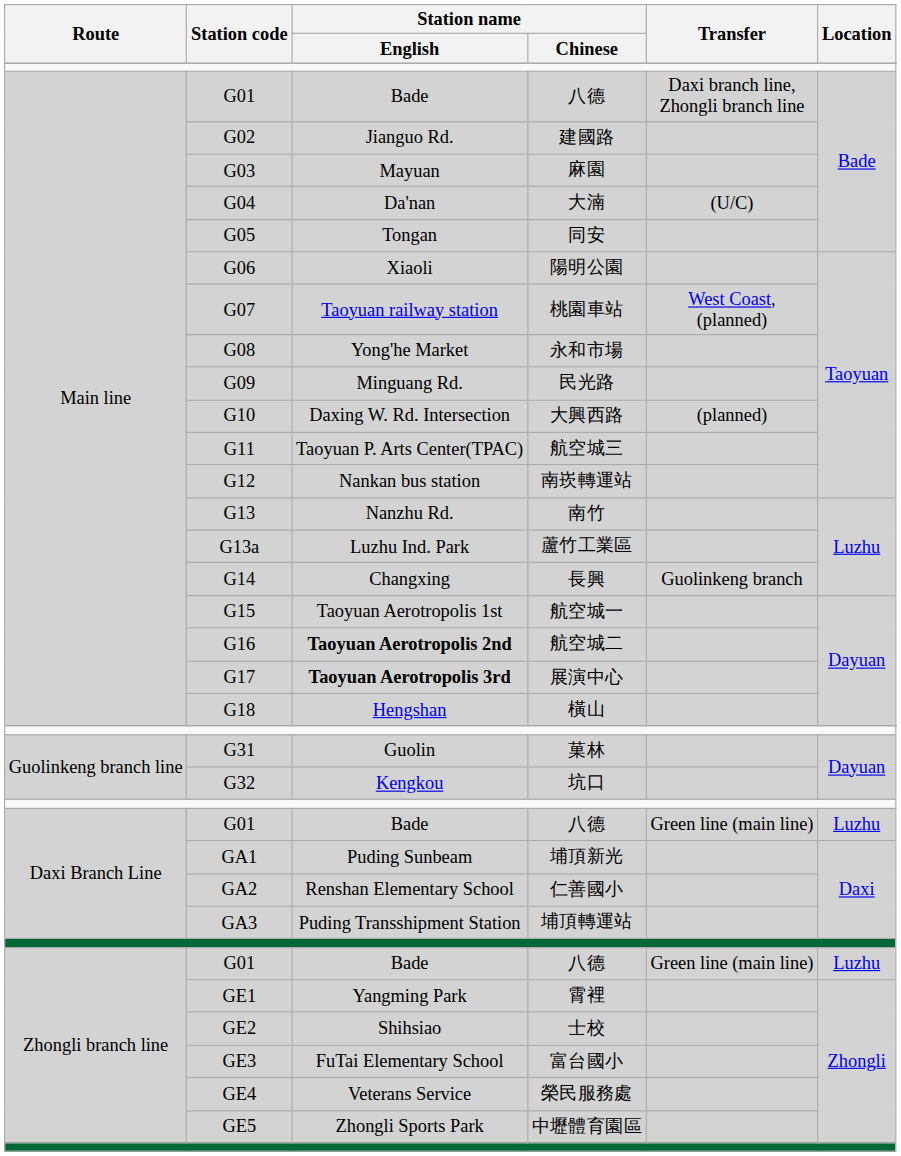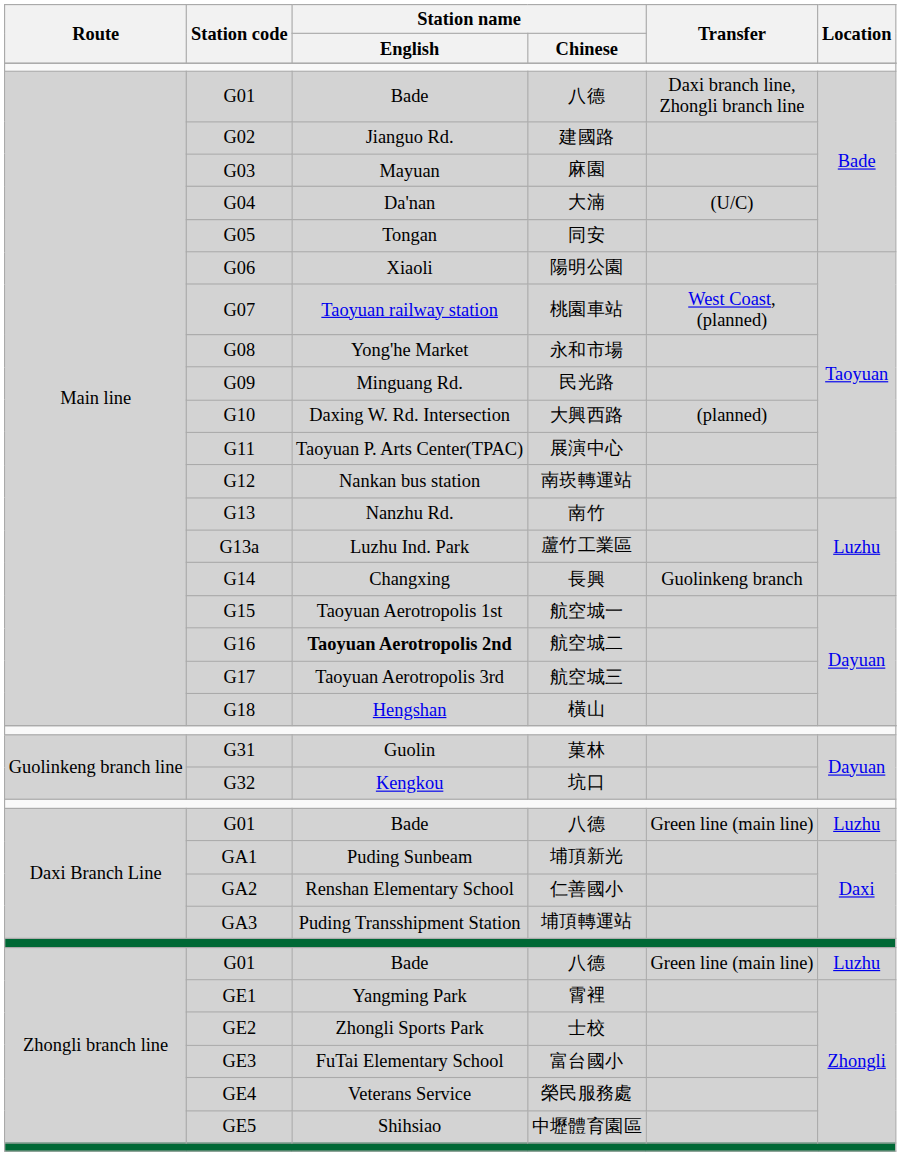 <table class="wikitable">
 <tr>
 <th rowspan="2">Route</th>
 <th rowspan="2">Station code</th>
 <th colspan="2">Station name</th>
 <th rowspan="2">Transfer</th>
 <th rowspan="2">Location</th>
 </tr>
 <tr>
 <th>English</th>
 <th>Chinese</th>
 </tr>
 <tr>
 </tr>
 <tr align="center">
 <td colspan="7"></td>
 </tr>
 <tr align="center" bgcolor="lightgrey">
 <td rowspan="19">Main line</td>
 <td>G01</td>
 <td>Bade</td>
 <td>八德</td>
 <td>Daxi branch line,<br>Zhongli branch line</td>
 <td rowspan="5"><a href='#'>Bade</a></td>
 </tr>
 <tr align="center" bgcolor="lightgrey">
 <td>G02</td>
 <td>Jianguo Rd.</td>
 <td>建國路</td>
 <td></td>
 </tr>
 <tr align="center" bgcolor="lightgrey">
 <td>G03</td>
 <td>Mayuan</td>
 <td>麻園</td>
 <td></td>
 </tr>
 <tr align="center" bgcolor="lightgrey">
 <td>G04</td>
 <td>Da'nan</td>
 <td>大湳</td>
 <td>  (U/C)</td>
 </tr>
 <tr align="center" bgcolor="lightgrey">
 <td>G05</td>
 <td>Tongan</td>
 <td>同安</td>
 <td></td>
 </tr>
 <tr align="center" bgcolor="lightgrey">
 <td>G06</td>
 <td>Xiaoli</td>
 <td>陽明公園</td>
 <td></td>
 <td rowspan="7"><a href='#'>Taoyuan</a></td>
 </tr>
 <tr align="center" bgcolor="lightgrey">
 <td>G07</td>
 <td><a href='#'>Taoyuan railway station</a></td>
 <td>桃園車站</td>
 <td> <a href='#'>West Coast</a>,<br> (planned)</td>
 </tr>
 <tr align="center" bgcolor="lightgrey">
 <td>G08</td>
 <td>Yong'he Market</td>
 <td>永和市場</td>
 <td></td>
 </tr>
 <tr align="center" bgcolor="lightgrey">
 <td>G09</td>
 <td>Minguang Rd.</td>
 <td>民光路</td>
 <td></td>
 </tr>
 <tr align="center" bgcolor="lightgrey">
 <td>G10</td>
 <td>Daxing W. Rd. Intersection</td>
 <td>大興西路</td>
 <td> (planned)</td>
 </tr>
 <tr align="center" bgcolor="lightgrey">
 <td>G11</td>
 <td>Taoyuan P. Arts Center(TPAC)</td>
-<td>航空城三</td>
+<td>展演中心</td>
 <td></td>
 </tr>
 <tr align="center" bgcolor="lightgrey">
 <td>G12</td>
 <td>Nankan bus station</td>
 <td>南崁轉運站</td>
 <td></td>
 </tr>
 <tr align="center" bgcolor="lightgrey">
 <td>G13</td>
 <td>Nanzhu Rd.</td>
 <td>南竹</td>
 <td></td>
 <td rowspan="3"><a href='#'>Luzhu</a></td>
 </tr>
 <tr align="center" bgcolor="lightgrey">
 <td>G13a</td>
 <td>Luzhu Ind. Park</td>
 <td>蘆竹工業區</td>
 <td></td>
 </tr>
 <tr align="center" bgcolor="lightgrey">
 <td>G14</td>
 <td>Changxing</td>
 <td>長興</td>
 <td>Guolinkeng branch</td>
 </tr>
 <tr align="center" bgcolor="lightgrey">
 <td>G15</td>
 <td>Taoyuan Aerotropolis 1st</td>
 <td>航空城一</td>
 <td></td>
 <td rowspan="4"><a href='#'>Dayuan</a></td>
 </tr>
 <tr align="center" bgcolor="lightgrey">
 <td>G16</td>
 <td><strong>Taoyuan Aerotropolis 2nd</strong></td>
 <td>航空城二</td>
 <td></td>
 </tr>
 <tr align="center" bgcolor="lightgrey">
 <td>G17</td>
-<td><strong>Taoyuan Aerotropolis 3rd</strong></td>
-<td>展演中心</td>
+<td>Taoyuan Aerotropolis 3rd</td>
+<td>航空城三</td>
 <td></td>
 </tr>
 <tr align="center" bgcolor="lightgrey">
 <td>G18</td>
 <td><a href='#'>Hengshan</a></td>
 <td>橫山</td>
 <td></td>
 </tr>
 <tr align="center" bgcolor="lightgrey">
 </tr>
 <tr align="center">
 <td colspan="7"></td>
 </tr>
 <tr align="center" bgcolor="lightgrey">
 <td rowspan="2">Guolinkeng branch line</td>
 <td>G31</td>
 <td>Guolin</td>
 <td>菓林</td>
 <td></td>
 <td rowspan="2"><a href='#'>Dayuan</a></td>
 </tr>
 <tr align="center" bgcolor="lightgrey">
 <td>G32</td>
 <td><a href='#'>Kengkou</a></td>
 <td>坑口</td>
 <td></td>
 </tr>
 <tr align="center">
 <td colspan="7"></td>
 </tr>
 <tr align="center" bgcolor="lightgrey">
 <td rowspan="4">Daxi Branch Line</td>
 <td>G01</td>
 <td>Bade</td>
 <td>八德</td>
 <td>Green line (main line)</td>
 <td><a href='#'>Luzhu</a></td>
 </tr>
 <tr align="center" bgcolor="lightgrey">
 <td>GA1</td>
 <td>Puding Sunbeam</td>
 <td>埔頂新光</td>
 <td></td>
 <td rowspan="3"><a href='#'>Daxi</a></td>
 </tr>
 <tr align="center" bgcolor="lightgrey">
 <td>GA2</td>
 <td>Renshan Elementary School</td>
 <td>仁善國小</td>
 <td></td>
 </tr>
 <tr align="center" bgcolor="lightgrey">
 <td>GA3</td>
 <td>Puding Transshipment Station</td>
 <td>埔頂轉運站</td>
 <td></td>
 </tr>
 <tr align="center" bgcolor="#006835">
 <td colspan="6"></td>
 </tr>
 <tr align="center" bgcolor="lightgrey">
 <td rowspan="6">Zhongli branch line</td>
 <td>G01</td>
 <td>Bade</td>
 <td>八德</td>
 <td>Green line (main line)</td>
 <td><a href='#'>Luzhu</a></td>
 </tr>
 <tr align="center" bgcolor="lightgrey">
 <td>GE1</td>
 <td>Yangming Park</td>
 <td>霄裡</td>
 <td></td>
 <td rowspan="5"><a href='#'>Zhongli</a></td>
 </tr>
 <tr align="center" bgcolor="lightgrey">
 <td>GE2</td>
-<td>Shihsiao</td>
+<td>Zhongli Sports Park</td>
 <td>士校</td>
 <td></td>
 </tr>
 <tr align="center" bgcolor="lightgrey">
 <td>GE3</td>
 <td>FuTai Elementary School</td>
 <td>富台國小</td>
 <td></td>
 </tr>
 <tr align="center" bgcolor="lightgrey">
 <td>GE4</td>
 <td>Veterans Service</td>
 <td>榮民服務處</td>
 <td></td>
 </tr>
 <tr align="center" bgcolor="lightgrey">
 <td>GE5</td>
-<td>Zhongli Sports Park</td>
+<td>Shihsiao</td>
 <td>中壢體育園區</td>
 <td></td>
 </tr>
 <tr align="center" bgcolor="#006835">
 <td colspan="6"></td>
 </tr>
 </table>
